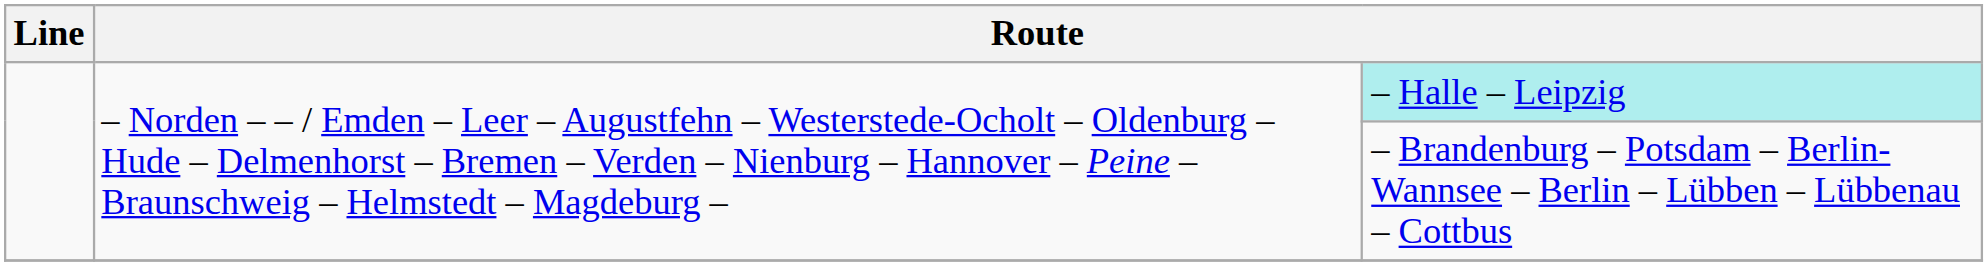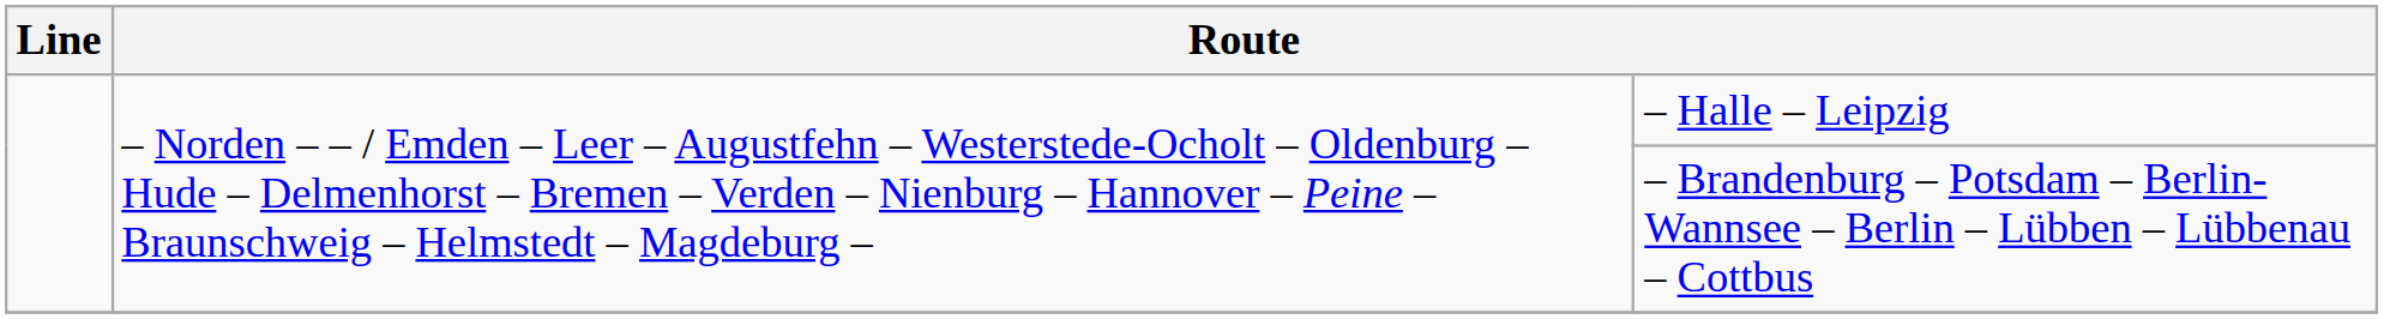 <table class="wikitable">
 <tr>
 <th>Line</th>
 <th colspan="2">Route</th>
 </tr>
 <tr>
 <td rowspan="2"></td>
 <td rowspan="2">  – <a href='#'>Norden</a> –  – /  <a href='#'>Emden</a> – <a href='#'>Leer</a> – <a href='#'>Augustfehn</a> – <a href='#'>Westerstede-Ocholt</a> –  <a href='#'>Oldenburg</a> – <a href='#'>Hude</a> – <a href='#'>Delmenhorst</a> – <a href='#'>Bremen</a> – <a href='#'>Verden</a> – <a href='#'>Nienburg</a> – <a href='#'>Hannover</a> – <em><a href='#'>Peine</a></em> – <a href='#'>Braunschweig</a> – <a href='#'>Helmstedt</a> – <a href='#'>Magdeburg</a> –</td>
-<td style="background: paleturquoise;">– <a href='#'>Halle</a> – <a href='#'>Leipzig</a></td>
+<td>– <a href='#'>Halle</a> – <a href='#'>Leipzig</a></td>
 </tr>
 <tr>
 <td>– <a href='#'>Brandenburg</a> – <a href='#'>Potsdam</a> – <a href='#'>Berlin-Wannsee</a> – <a href='#'>Berlin</a> –   <a href='#'>Lübben</a> – <a href='#'>Lübbenau</a> – <a href='#'>Cottbus</a></td>
 </tr>
 <tr>
 </tr>
 </table>
